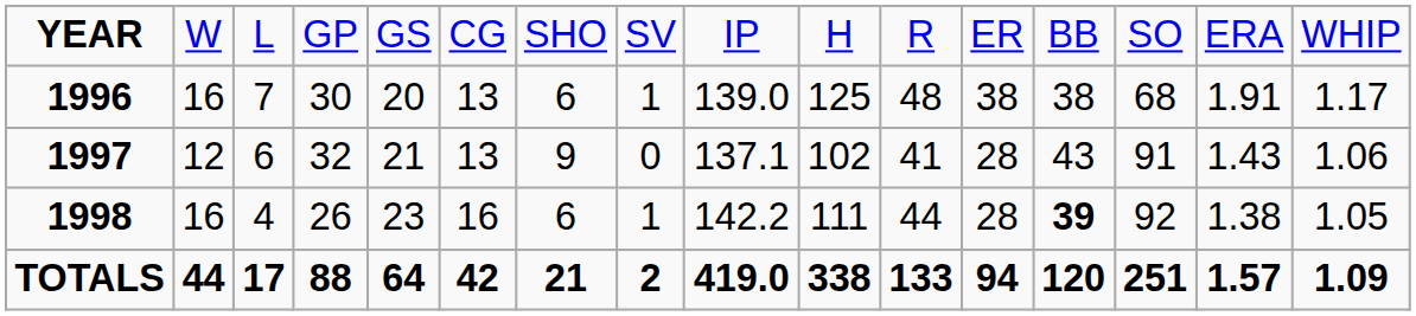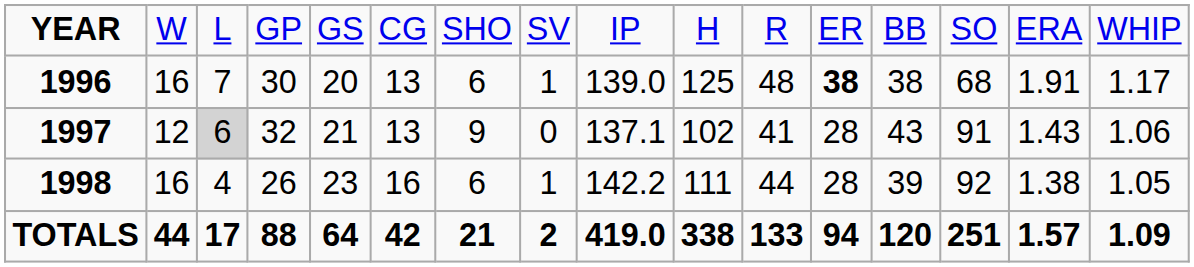 <table class="wikitable">
 <tr align=center>
 <td><strong>YEAR</strong></td>
 <td><a href='#'>W</a></td>
 <td><a href='#'>L</a></td>
 <td><a href='#'>GP</a></td>
 <td><a href='#'>GS</a></td>
 <td><a href='#'>CG</a></td>
 <td><a href='#'>SHO</a></td>
 <td><a href='#'>SV</a></td>
 <td><a href='#'>IP</a></td>
 <td><a href='#'>H</a></td>
 <td><a href='#'>R</a></td>
 <td><a href='#'>ER</a></td>
 <td><a href='#'>BB</a></td>
 <td><a href='#'>SO</a></td>
 <td><a href='#'>ERA</a></td>
 <td><a href='#'>WHIP</a></td>
 </tr>
 <tr align=center>
 <td><strong>1996</strong></td>
 <td>16</td>
 <td>7</td>
 <td>30</td>
 <td>20</td>
 <td>13</td>
 <td>6</td>
 <td>1</td>
 <td>139.0</td>
 <td>125</td>
 <td>48</td>
-<td>38</td>
+<td><strong>38</strong></td>
 <td>38</td>
 <td>68</td>
 <td>1.91</td>
 <td>1.17</td>
 </tr>
 <tr align=center>
 <td><strong>1997</strong></td>
 <td>12</td>
-<td>6</td>
+<td style="background: lightgrey;">6</td>
 <td>32</td>
 <td>21</td>
 <td>13</td>
 <td>9</td>
 <td>0</td>
 <td>137.1</td>
 <td>102</td>
 <td>41</td>
 <td>28</td>
 <td>43</td>
 <td>91</td>
 <td>1.43</td>
 <td>1.06</td>
 </tr>
 <tr align=center>
 <td><strong>1998</strong></td>
 <td>16</td>
 <td>4</td>
 <td>26</td>
 <td>23</td>
 <td>16</td>
 <td>6</td>
 <td>1</td>
 <td>142.2</td>
 <td>111</td>
 <td>44</td>
 <td>28</td>
-<td><strong>39</strong></td>
+<td>39</td>
 <td>92</td>
 <td>1.38</td>
 <td>1.05</td>
 </tr>
 <tr align=center>
 <td><strong>TOTALS</strong></td>
 <td><strong>44</strong></td>
 <td><strong>17</strong></td>
 <td><strong>88</strong></td>
 <td><strong>64</strong></td>
 <td><strong>42</strong></td>
 <td><strong>21</strong></td>
 <td><strong>2</strong></td>
 <td><strong>419.0</strong></td>
 <td><strong>338</strong></td>
 <td><strong>133</strong></td>
 <td><strong>94</strong></td>
 <td><strong>120</strong></td>
 <td><strong>251</strong></td>
 <td><strong>1.57</strong></td>
 <td><strong>1.09</strong></td>
 </tr>
 </table>
